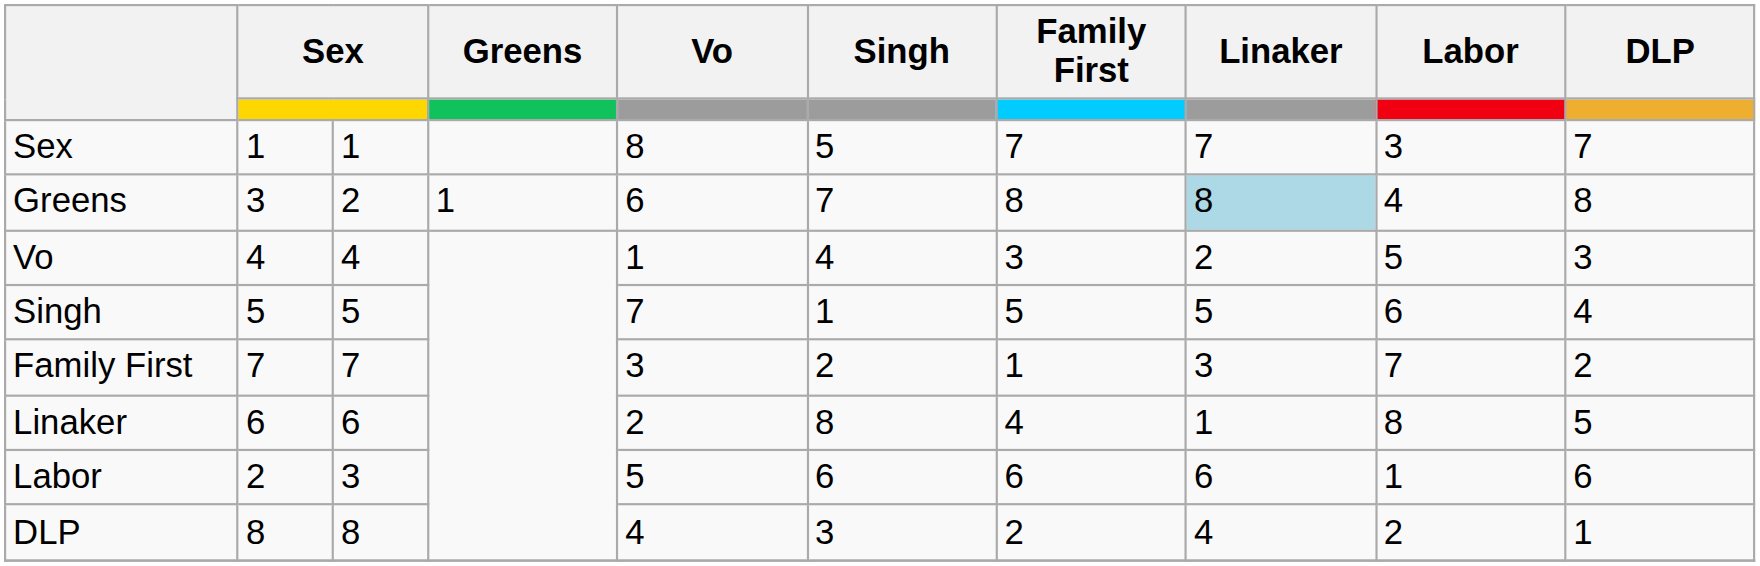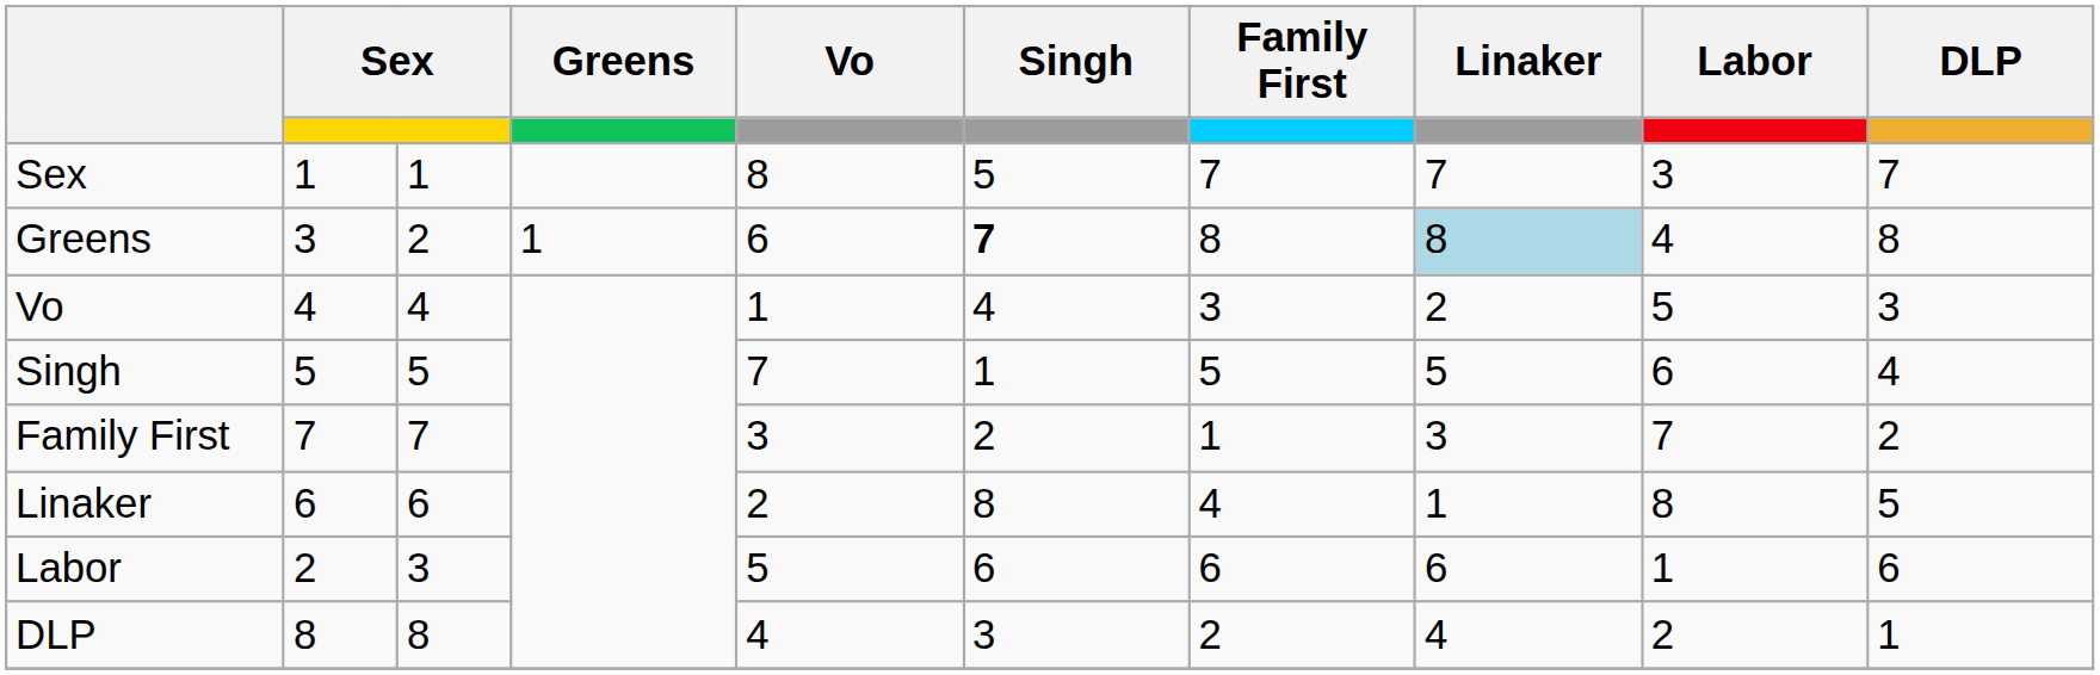 <table class="wikitable">
 <tr>
 <th width="100px" rowspan="2"></th>
 <th colspan="2" width="80px" !>Sex</th>
 <th width="80px" !>Greens</th>
 <th width="80px" !>Vo</th>
 <th width="80px" !>Singh</th>
 <th width="80px" !>Family First</th>
 <th width="80px" !>Linaker</th>
 <th width="80px" !>Labor</th>
 <th width="80px" !>DLP</th>
 </tr>
 <tr>
 <th colspan="2" style="height:2px; background:#FFD700;"></th>
 <th style="background:#10C25B;"></th>
 <th style="background:#9C9C9C;"></th>
 <th style="background:#9C9C9C;"></th>
 <th style="background:#00CCFF;"></th>
 <th style="background:#9C9C9C;"></th>
 <th style="background:#F00011;"></th>
 <th style="background:#EEAF30;"></th>
 </tr>
 <tr>
 <td>Sex</td>
 <td>1</td>
 <td>1</td>
 <td></td>
 <td>8</td>
 <td>5</td>
 <td>7</td>
 <td>7</td>
 <td>3</td>
 <td>7</td>
 </tr>
 <tr>
 <td>Greens</td>
 <td>3</td>
 <td>2</td>
 <td>1</td>
 <td>6</td>
-<td>7</td>
+<td><strong>7</strong></td>
 <td>8</td>
 <td style="background: lightblue;">8</td>
 <td>4</td>
 <td>8</td>
 </tr>
 <tr>
 <td>Vo</td>
 <td>4</td>
 <td>4</td>
 <td rowspan="6"></td>
 <td>1</td>
 <td>4</td>
 <td>3</td>
 <td>2</td>
 <td>5</td>
 <td>3</td>
 </tr>
 <tr>
 <td>Singh</td>
 <td>5</td>
 <td>5</td>
 <td>7</td>
 <td>1</td>
 <td>5</td>
 <td>5</td>
 <td>6</td>
 <td>4</td>
 </tr>
 <tr>
 <td>Family First</td>
 <td>7</td>
 <td>7</td>
 <td>3</td>
 <td>2</td>
 <td>1</td>
 <td>3</td>
 <td>7</td>
 <td>2</td>
 </tr>
 <tr>
 <td>Linaker</td>
 <td>6</td>
 <td>6</td>
 <td>2</td>
 <td>8</td>
 <td>4</td>
 <td>1</td>
 <td>8</td>
 <td>5</td>
 </tr>
 <tr>
 <td>Labor</td>
 <td>2</td>
 <td>3</td>
 <td>5</td>
 <td>6</td>
 <td>6</td>
 <td>6</td>
 <td>1</td>
 <td>6</td>
 </tr>
 <tr>
 <td>DLP</td>
 <td>8</td>
 <td>8</td>
 <td>4</td>
 <td>3</td>
 <td>2</td>
 <td>4</td>
 <td>2</td>
 <td>1</td>
 </tr>
 <tr>
 </tr>
 </table>
